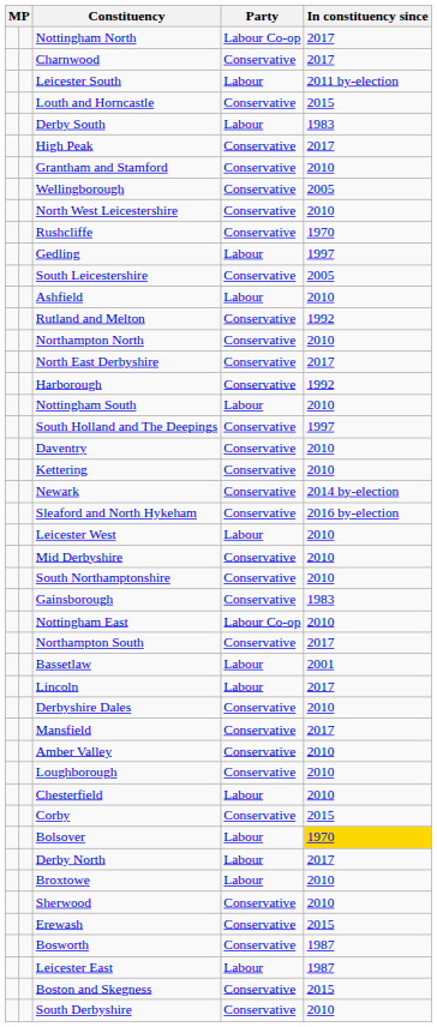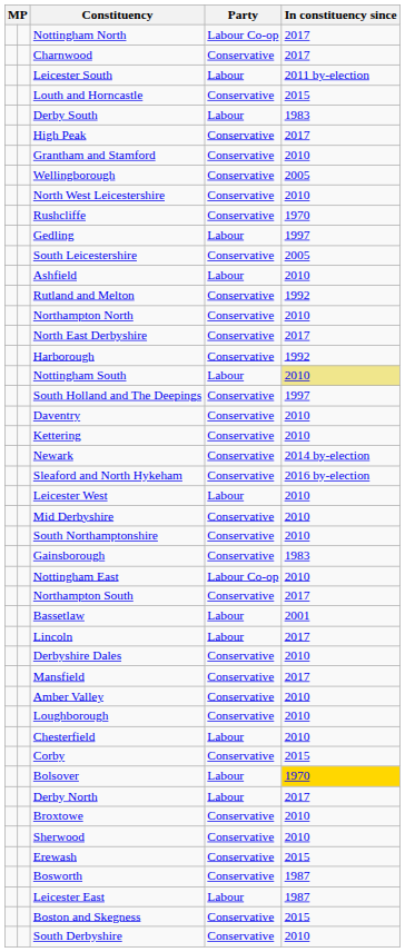 <table class="wikitable sortable">
 <tr>
 <th colspan=2>MP</th>
 <th>Constituency</th>
 <th>Party</th>
 <th>In constituency since</th>
 </tr>
 <tr>
 <td style="background-color: "></td>
 <td></td>
 <td><a href='#'>Nottingham North</a></td>
 <td><a href='#'>Labour Co-op</a></td>
 <td><a href='#'>2017</a></td>
 </tr>
 <tr>
 <td style="background-color: "></td>
 <td></td>
 <td><a href='#'>Charnwood</a></td>
 <td><a href='#'>Conservative</a></td>
 <td><a href='#'>2017</a></td>
 </tr>
 <tr>
 <td style="background-color: "></td>
 <td></td>
 <td><a href='#'>Leicester South</a></td>
 <td><a href='#'>Labour</a></td>
 <td><a href='#'>2011 by-election</a></td>
 </tr>
 <tr>
 <td style="background-color: "></td>
 <td></td>
 <td><a href='#'>Louth and Horncastle</a></td>
 <td><a href='#'>Conservative</a></td>
 <td><a href='#'>2015</a></td>
 </tr>
 <tr>
 <td style="background-color: "></td>
 <td></td>
 <td><a href='#'>Derby South</a></td>
 <td><a href='#'>Labour</a></td>
 <td><a href='#'>1983</a></td>
 </tr>
 <tr>
 <td style="background-color: "></td>
 <td></td>
 <td><a href='#'>High Peak</a></td>
 <td><a href='#'>Conservative</a></td>
 <td><a href='#'>2017</a></td>
 </tr>
 <tr>
 <td style="background-color: "></td>
 <td></td>
 <td><a href='#'>Grantham and Stamford</a></td>
 <td><a href='#'>Conservative</a></td>
 <td><a href='#'>2010</a></td>
 </tr>
 <tr>
 <td style="background-color: "></td>
 <td></td>
 <td><a href='#'>Wellingborough</a></td>
 <td><a href='#'>Conservative</a></td>
 <td><a href='#'>2005</a></td>
 </tr>
 <tr>
 <td style="background-color: "></td>
 <td></td>
 <td><a href='#'>North West Leicestershire</a></td>
 <td><a href='#'>Conservative</a></td>
 <td><a href='#'>2010</a></td>
 </tr>
 <tr>
 <td style="background-color: "></td>
 <td></td>
 <td><a href='#'>Rushcliffe</a></td>
 <td><a href='#'>Conservative</a></td>
 <td><a href='#'>1970</a></td>
 </tr>
 <tr>
 <td style="background-color: "></td>
 <td></td>
 <td><a href='#'>Gedling</a></td>
 <td><a href='#'>Labour</a></td>
 <td><a href='#'>1997</a></td>
 </tr>
 <tr>
 <td style="background-color: "></td>
 <td></td>
 <td><a href='#'>South Leicestershire</a></td>
 <td><a href='#'>Conservative</a></td>
 <td><a href='#'>2005</a></td>
 </tr>
 <tr>
 <td style="background-color: "></td>
 <td></td>
 <td><a href='#'>Ashfield</a></td>
 <td><a href='#'>Labour</a></td>
 <td><a href='#'>2010</a></td>
 </tr>
 <tr>
 <td style="background-color: "></td>
 <td></td>
 <td><a href='#'>Rutland and Melton</a></td>
 <td><a href='#'>Conservative</a></td>
 <td><a href='#'>1992</a></td>
 </tr>
 <tr>
 <td style="background-color: "></td>
 <td></td>
 <td><a href='#'>Northampton North</a></td>
 <td><a href='#'>Conservative</a></td>
 <td><a href='#'>2010</a></td>
 </tr>
 <tr>
 <td style="background-color: "></td>
 <td></td>
 <td><a href='#'>North East Derbyshire</a></td>
 <td><a href='#'>Conservative</a></td>
 <td><a href='#'>2017</a></td>
 </tr>
 <tr>
 <td style="background-color: "></td>
 <td></td>
 <td><a href='#'>Harborough</a></td>
 <td><a href='#'>Conservative</a></td>
 <td><a href='#'>1992</a></td>
 </tr>
 <tr>
 <td style="background-color: "></td>
 <td></td>
 <td><a href='#'>Nottingham South</a></td>
 <td><a href='#'>Labour</a></td>
-<td><a href='#'>2010</a></td>
+<td style="background: khaki;"><a href='#'>2010</a></td>
 </tr>
 <tr>
 <td style="background-color: "></td>
 <td></td>
 <td><a href='#'>South Holland and The Deepings</a></td>
 <td><a href='#'>Conservative</a></td>
 <td><a href='#'>1997</a></td>
 </tr>
 <tr>
 <td style="background-color: "></td>
 <td></td>
 <td><a href='#'>Daventry</a></td>
 <td><a href='#'>Conservative</a></td>
 <td><a href='#'>2010</a></td>
 </tr>
 <tr>
 <td style="background-color: "></td>
 <td></td>
 <td><a href='#'>Kettering</a></td>
 <td><a href='#'>Conservative</a></td>
 <td><a href='#'>2010</a></td>
 </tr>
 <tr>
 <td style="background-color: "></td>
 <td></td>
 <td><a href='#'>Newark</a></td>
 <td><a href='#'>Conservative</a></td>
 <td><a href='#'>2014 by-election</a></td>
 </tr>
 <tr>
 <td style="background-color: "></td>
 <td></td>
 <td><a href='#'>Sleaford and North Hykeham</a></td>
 <td><a href='#'>Conservative</a></td>
 <td><a href='#'>2016 by-election</a></td>
 </tr>
 <tr>
 <td style="background-color: "></td>
 <td></td>
 <td><a href='#'>Leicester West</a></td>
 <td><a href='#'>Labour</a></td>
 <td><a href='#'>2010</a></td>
 </tr>
 <tr>
 <td style="background-color: "></td>
 <td></td>
 <td><a href='#'>Mid Derbyshire</a></td>
 <td><a href='#'>Conservative</a></td>
 <td><a href='#'>2010</a></td>
 </tr>
 <tr>
 <td style="background-color: "></td>
 <td></td>
 <td><a href='#'>South Northamptonshire</a></td>
 <td><a href='#'>Conservative</a></td>
 <td><a href='#'>2010</a></td>
 </tr>
 <tr>
 <td style="background-color: "></td>
 <td></td>
 <td><a href='#'>Gainsborough</a></td>
 <td><a href='#'>Conservative</a></td>
 <td><a href='#'>1983</a></td>
 </tr>
 <tr>
 <td style="background-color: "></td>
 <td></td>
 <td><a href='#'>Nottingham East</a></td>
 <td><a href='#'>Labour Co-op</a></td>
 <td><a href='#'>2010</a></td>
 </tr>
 <tr>
 <td style="background-color: "></td>
 <td></td>
 <td><a href='#'>Northampton South</a></td>
 <td><a href='#'>Conservative</a></td>
 <td><a href='#'>2017</a></td>
 </tr>
 <tr>
 <td style="background-color: "></td>
 <td></td>
 <td><a href='#'>Bassetlaw</a></td>
 <td><a href='#'>Labour</a></td>
 <td><a href='#'>2001</a></td>
 </tr>
 <tr>
 <td style="background-color: "></td>
 <td></td>
 <td><a href='#'>Lincoln</a></td>
 <td><a href='#'>Labour</a></td>
 <td><a href='#'>2017</a></td>
 </tr>
 <tr>
 <td style="background-color: "></td>
 <td></td>
 <td><a href='#'>Derbyshire Dales</a></td>
 <td><a href='#'>Conservative</a></td>
 <td><a href='#'>2010</a></td>
 </tr>
 <tr>
 <td style="background-color: "></td>
 <td></td>
 <td><a href='#'>Mansfield</a></td>
 <td><a href='#'>Conservative</a></td>
 <td><a href='#'>2017</a></td>
 </tr>
 <tr>
 <td style="background-color: "></td>
 <td></td>
 <td><a href='#'>Amber Valley</a></td>
 <td><a href='#'>Conservative</a></td>
 <td><a href='#'>2010</a></td>
 </tr>
 <tr>
 <td style="background-color: "></td>
 <td></td>
 <td><a href='#'>Loughborough</a></td>
 <td><a href='#'>Conservative</a></td>
 <td><a href='#'>2010</a></td>
 </tr>
 <tr>
 <td style="background-color: "></td>
 <td></td>
 <td><a href='#'>Chesterfield</a></td>
 <td><a href='#'>Labour</a></td>
 <td><a href='#'>2010</a></td>
 </tr>
 <tr>
 <td style="background-color: "></td>
 <td></td>
 <td><a href='#'>Corby</a></td>
 <td><a href='#'>Conservative</a></td>
 <td><a href='#'>2015</a></td>
 </tr>
 <tr>
 <td style="background-color: "></td>
 <td></td>
 <td><a href='#'>Bolsover</a></td>
 <td><a href='#'>Labour</a></td>
 <td style="background: gold;"><a href='#'>1970</a></td>
 </tr>
 <tr>
 <td style="background-color: "></td>
 <td></td>
 <td><a href='#'>Derby North</a></td>
 <td><a href='#'>Labour</a></td>
 <td><a href='#'>2017</a></td>
 </tr>
 <tr>
 <td style="background-color: "></td>
 <td></td>
 <td><a href='#'>Broxtowe</a></td>
-<td><a href='#'>Labour</a></td>
+<td><a href='#'>Conservative</a></td>
 <td><a href='#'>2010</a></td>
 </tr>
 <tr>
 <td style="background-color: "></td>
 <td></td>
 <td><a href='#'>Sherwood</a></td>
 <td><a href='#'>Conservative</a></td>
 <td><a href='#'>2010</a></td>
 </tr>
 <tr>
 <td style="background-color: "></td>
 <td></td>
 <td><a href='#'>Erewash</a></td>
 <td><a href='#'>Conservative</a></td>
 <td><a href='#'>2015</a></td>
 </tr>
 <tr>
 <td style="background-color: "></td>
 <td></td>
 <td><a href='#'>Bosworth</a></td>
 <td><a href='#'>Conservative</a></td>
 <td><a href='#'>1987</a></td>
 </tr>
 <tr>
 <td style="background-color: "></td>
 <td></td>
 <td><a href='#'>Leicester East</a></td>
 <td><a href='#'>Labour</a></td>
 <td><a href='#'>1987</a></td>
 </tr>
 <tr>
 <td style="background-color: "></td>
 <td></td>
 <td><a href='#'>Boston and Skegness</a></td>
 <td><a href='#'>Conservative</a></td>
 <td><a href='#'>2015</a></td>
 </tr>
 <tr>
 <td style="background-color: "></td>
 <td></td>
 <td><a href='#'>South Derbyshire</a></td>
 <td><a href='#'>Conservative</a></td>
 <td><a href='#'>2010</a></td>
 </tr>
 </table>
